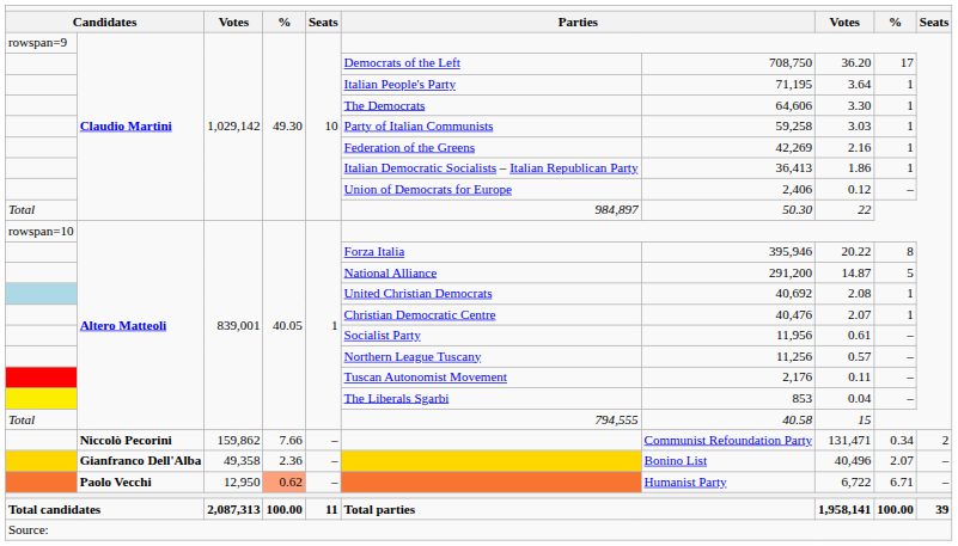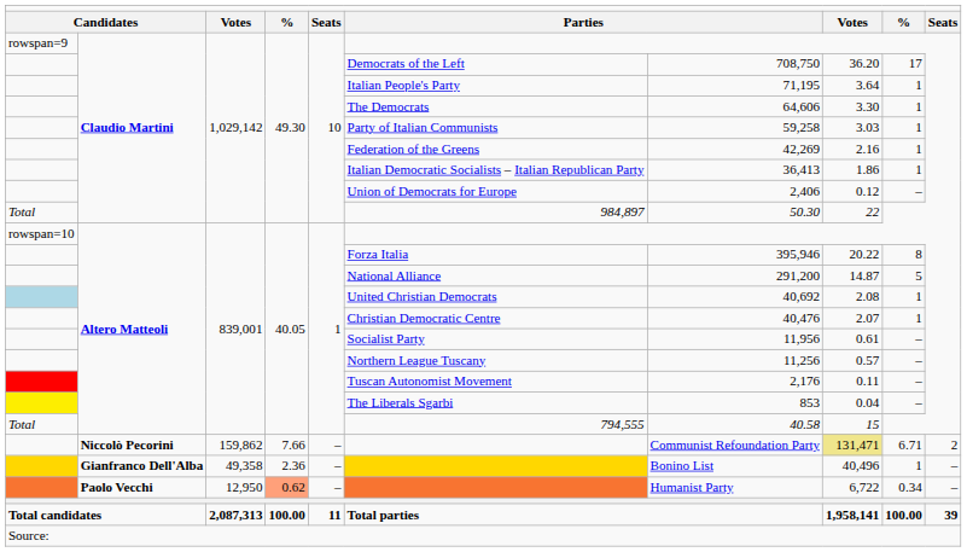 <table class="wikitable">
 <tr>
 <td colspan=10></td>
 </tr>
 <tr>
 <th colspan=2>Candidates</th>
 <th>Votes</th>
 <th>%</th>
 <th>Seats</th>
 <th colspan=2>Parties</th>
 <th>Votes</th>
 <th>%</th>
 <th>Seats</th>
 </tr>
 <tr>
 <td>rowspan=9 </td>
 <td rowspan=9><strong><a href='#'>Claudio Martini</a></strong></td>
 <td rowspan=9 align=right>1,029,142</td>
 <td rowspan=9 align=right>49.30</td>
 <td rowspan=9 align=right>10</td>
 </tr>
 <tr>
 <td></td>
 <td align="left"><a href='#'>Democrats of the Left</a></td>
 <td align=right>708,750</td>
 <td align=right>36.20</td>
 <td align=right>17</td>
 </tr>
 <tr>
 <td></td>
 <td align="left"><a href='#'>Italian People's Party</a></td>
 <td align=right>71,195</td>
 <td align=right>3.64</td>
 <td align=right>1</td>
 </tr>
 <tr>
 <td></td>
 <td align="left"><a href='#'>The Democrats</a></td>
 <td align=right>64,606</td>
 <td align=right>3.30</td>
 <td align=right>1</td>
 </tr>
 <tr>
 <td></td>
 <td align="left"><a href='#'>Party of Italian Communists</a></td>
 <td align=right>59,258</td>
 <td align=right>3.03</td>
 <td align=right>1</td>
 </tr>
 <tr>
 <td></td>
 <td align="left"><a href='#'>Federation of the Greens</a></td>
 <td align=right>42,269</td>
 <td align=right>2.16</td>
 <td align=right>1</td>
 </tr>
 <tr>
 <td></td>
 <td align="left"><a href='#'>Italian Democratic Socialists</a> – <a href='#'>Italian Republican Party</a></td>
 <td align=right>36,413</td>
 <td align=right>1.86</td>
 <td align=right>1</td>
 </tr>
 <tr>
 <td></td>
 <td align="left"><a href='#'>Union of Democrats for Europe</a></td>
 <td align=right>2,406</td>
 <td align=right>0.12</td>
 <td align=right>–</td>
 </tr>
 <tr>
 <td colspan=2><em>Total</em></td>
 <td align=right><em>984,897</em></td>
 <td align=right><em>50.30</em></td>
 <td align=right><em>22</em></td>
 </tr>
 <tr>
 <td>rowspan=10 </td>
 <td rowspan=10><strong><a href='#'>Altero Matteoli</a></strong></td>
 <td rowspan=10 align=right>839,001</td>
 <td rowspan=10 align=right>40.05</td>
 <td rowspan=10 align=right>1</td>
 </tr>
 <tr>
 <td></td>
 <td align="left"><a href='#'>Forza Italia</a></td>
 <td align=right>395,946</td>
 <td align=right>20.22</td>
 <td align=right>8</td>
 </tr>
 <tr>
 <td></td>
 <td align="left"><a href='#'>National Alliance</a></td>
 <td align=right>291,200</td>
 <td align=right>14.87</td>
 <td align=right>5</td>
 </tr>
 <tr>
 <td bgcolor="lightblue"></td>
 <td align="left"><a href='#'>United Christian Democrats</a></td>
 <td align=right>40,692</td>
 <td align=right>2.08</td>
 <td align=right>1</td>
 </tr>
 <tr>
 <td></td>
 <td align="left"><a href='#'>Christian Democratic Centre</a></td>
 <td align=right>40,476</td>
 <td align=right>2.07</td>
 <td align=right>1</td>
 </tr>
 <tr>
 <td></td>
 <td align="left"><a href='#'>Socialist Party</a></td>
 <td align=right>11,956</td>
 <td align=right>0.61</td>
 <td align=right>–</td>
 </tr>
 <tr>
 <td></td>
 <td align="left"><a href='#'>Northern League Tuscany</a></td>
 <td align=right>11,256</td>
 <td align=right>0.57</td>
 <td align=right>–</td>
 </tr>
 <tr>
 <td bgcolor="red"></td>
 <td align="left"><a href='#'>Tuscan Autonomist Movement</a></td>
 <td align=right>2,176</td>
 <td align=right>0.11</td>
 <td align=right>–</td>
 </tr>
 <tr>
 <td bgcolor="#FDEE00"></td>
 <td align="left"><a href='#'>The Liberals Sgarbi</a></td>
 <td align=right>853</td>
 <td align=right>0.04</td>
 <td align=right>–</td>
 </tr>
 <tr>
 <td colspan=2><em>Total</em></td>
 <td align=right><em>794,555</em></td>
 <td align=right><em>40.58</em></td>
 <td align=right><em>15</em></td>
 </tr>
 <tr>
 <td></td>
 <td><strong>Niccolò Pecorini</strong></td>
 <td align=right>159,862</td>
 <td align=right>7.66</td>
 <td align=right>–</td>
 <td></td>
 <td align="left"><a href='#'>Communist Refoundation Party</a></td>
-<td align=right>131,471</td>
-<td align=right>0.34</td>
+<td align=right style="background: khaki;">131,471</td>
+<td align=right>6.71</td>
 <td align=right>2</td>
 </tr>
 <tr>
 <td bgcolor="gold"></td>
 <td><strong>Gianfranco Dell'Alba</strong></td>
 <td align=right>49,358</td>
 <td align=right>2.36</td>
 <td align=right>–</td>
 <td bgcolor="gold"></td>
 <td align="left"><a href='#'>Bonino List</a></td>
 <td align=right>40,496</td>
-<td align=right>2.07</td>
+<td align=right>1</td>
 <td align=right>–</td>
 </tr>
 <tr>
 <td bgcolor="#F87431"></td>
 <td><strong>Paolo Vecchi</strong></td>
 <td align=right>12,950</td>
 <td align=right style="background: lightsalmon;">0.62</td>
 <td align=right>–</td>
 <td bgcolor="#F87431"></td>
 <td align="left"><a href='#'>Humanist Party</a></td>
 <td align=right>6,722</td>
-<td align=right>6.71</td>
+<td align=right>0.34</td>
 <td align=right>–</td>
 </tr>
 <tr>
 <th colspan=10></th>
 </tr>
 <tr>
 <td colspan=2><strong>Total candidates</strong></td>
 <td align=right><strong>2,087,313</strong></td>
 <td align=right><strong>100.00</strong></td>
 <td align=right><strong>11</strong></td>
 <td colspan=2><strong>Total parties</strong></td>
 <td align=right><strong>1,958,141</strong></td>
 <td align=right><strong>100.00</strong></td>
 <td align=right><strong>39</strong></td>
 </tr>
 <tr>
 <td colspan=10>Source: </td>
 </tr>
 </table>
